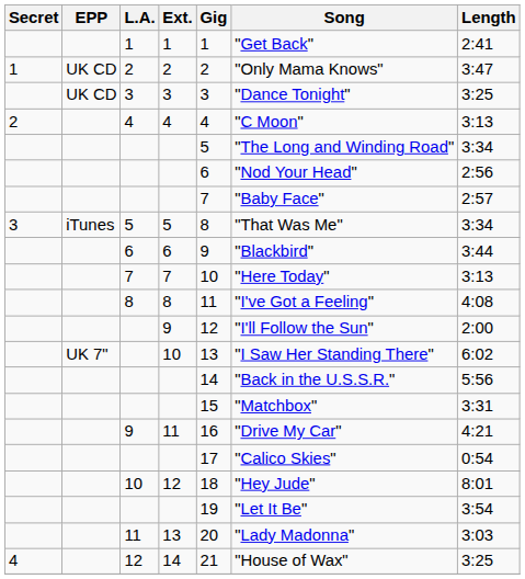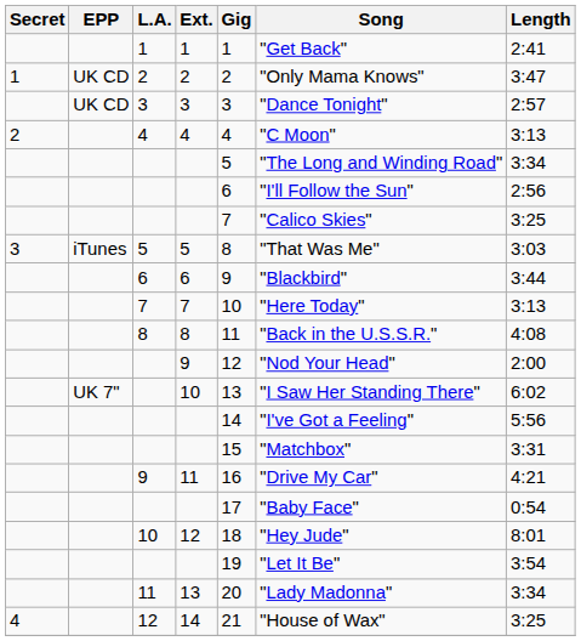 <table class="wikitable sortable" border="1">
 <tr>
 <th>Secret</th>
 <th class="unsortable">EPP</th>
 <th>L.A.</th>
 <th>Ext.</th>
 <th class="unsortable">Gig</th>
 <th class="unsortable">Song</th>
 <th class="unsortable">Length</th>
 </tr>
 <tr>
 <td></td>
 <td></td>
 <td>1</td>
 <td>1</td>
 <td>1</td>
 <td>"<a href='#'>Get Back</a>"</td>
 <td>2:41</td>
 </tr>
 <tr>
 <td>1</td>
 <td>UK CD</td>
 <td>2</td>
 <td>2</td>
 <td>2</td>
 <td>"Only Mama Knows"</td>
 <td>3:47</td>
 </tr>
 <tr>
 <td></td>
 <td>UK CD</td>
 <td>3</td>
 <td>3</td>
 <td>3</td>
 <td>"<a href='#'>Dance Tonight</a>"</td>
-<td>3:25</td>
+<td>2:57</td>
 </tr>
 <tr>
 <td>2</td>
 <td></td>
 <td>4</td>
 <td>4</td>
 <td>4</td>
 <td>"<a href='#'>C Moon</a>"</td>
 <td>3:13</td>
 </tr>
 <tr>
 <td></td>
 <td></td>
 <td></td>
 <td></td>
 <td>5</td>
 <td>"<a href='#'>The Long and Winding Road</a>"</td>
 <td>3:34</td>
 </tr>
 <tr>
 <td></td>
 <td></td>
 <td></td>
 <td></td>
 <td>6</td>
-<td>"<a href='#'>Nod Your Head</a>"</td>
+<td>"<a href='#'>I'll Follow the Sun</a>"</td>
 <td>2:56</td>
 </tr>
 <tr>
 <td></td>
 <td></td>
 <td></td>
 <td></td>
 <td>7</td>
-<td>"<a href='#'>Baby Face</a>"</td>
-<td>2:57</td>
+<td>"<a href='#'>Calico Skies</a>"</td>
+<td>3:25</td>
 </tr>
 <tr>
 <td>3</td>
 <td>iTunes</td>
 <td>5</td>
 <td>5</td>
 <td>8</td>
 <td>"That Was Me"</td>
-<td>3:34</td>
+<td>3:03</td>
 </tr>
 <tr>
 <td></td>
 <td></td>
 <td>6</td>
 <td>6</td>
 <td>9</td>
 <td>"<a href='#'>Blackbird</a>"</td>
 <td>3:44</td>
 </tr>
 <tr>
 <td></td>
 <td></td>
 <td>7</td>
 <td>7</td>
 <td>10</td>
 <td>"<a href='#'>Here Today</a>"</td>
 <td>3:13</td>
 </tr>
 <tr>
 <td></td>
 <td></td>
 <td>8</td>
 <td>8</td>
 <td>11</td>
-<td>"<a href='#'>I've Got a Feeling</a>"</td>
+<td>"<a href='#'>Back in the U.S.S.R.</a>"</td>
 <td>4:08</td>
 </tr>
 <tr>
 <td></td>
 <td></td>
 <td></td>
 <td>9</td>
 <td>12</td>
-<td>"<a href='#'>I'll Follow the Sun</a>"</td>
+<td>"<a href='#'>Nod Your Head</a>"</td>
 <td>2:00</td>
 </tr>
 <tr>
 <td></td>
 <td>UK 7"</td>
 <td></td>
 <td>10</td>
 <td>13</td>
 <td>"<a href='#'>I Saw Her Standing There</a>"</td>
 <td>6:02</td>
 </tr>
 <tr>
 <td></td>
 <td></td>
 <td></td>
 <td></td>
 <td>14</td>
-<td>"<a href='#'>Back in the U.S.S.R.</a>"</td>
+<td>"<a href='#'>I've Got a Feeling</a>"</td>
 <td>5:56</td>
 </tr>
 <tr>
 <td></td>
 <td></td>
 <td></td>
 <td></td>
 <td>15</td>
 <td>"<a href='#'>Matchbox</a>"</td>
 <td>3:31</td>
 </tr>
 <tr>
 <td></td>
 <td></td>
 <td>9</td>
 <td>11</td>
 <td>16</td>
 <td>"<a href='#'>Drive My Car</a>"</td>
 <td>4:21</td>
 </tr>
 <tr>
 <td></td>
 <td></td>
 <td></td>
 <td></td>
 <td>17</td>
-<td>"<a href='#'>Calico Skies</a>"</td>
+<td>"<a href='#'>Baby Face</a>"</td>
 <td>0:54</td>
 </tr>
 <tr>
 <td></td>
 <td></td>
 <td>10</td>
 <td>12</td>
 <td>18</td>
 <td>"<a href='#'>Hey Jude</a>"</td>
 <td>8:01</td>
 </tr>
 <tr>
 <td></td>
 <td></td>
 <td></td>
 <td></td>
 <td>19</td>
 <td>"<a href='#'>Let It Be</a>"</td>
 <td>3:54</td>
 </tr>
 <tr>
 <td></td>
 <td></td>
 <td>11</td>
 <td>13</td>
 <td>20</td>
 <td>"<a href='#'>Lady Madonna</a>"</td>
-<td>3:03</td>
+<td>3:34</td>
 </tr>
 <tr>
 <td>4</td>
 <td></td>
 <td>12</td>
 <td>14</td>
 <td>21</td>
 <td>"House of Wax"</td>
 <td>3:25</td>
 </tr>
 <tr>
 </tr>
 </table>
